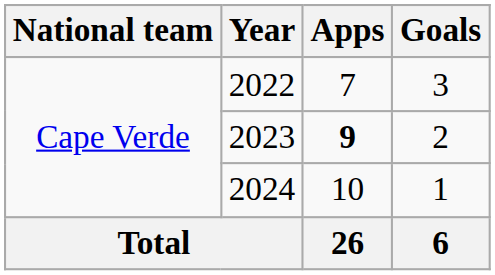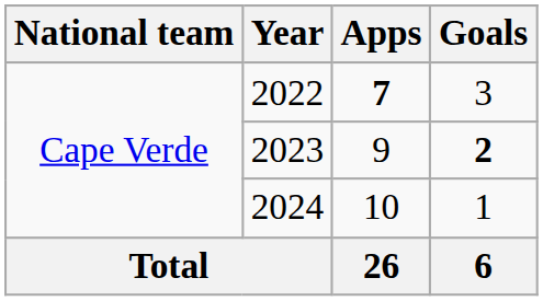 <table class=wikitable style=text-align:center>
 <tr>
 <th>National team</th>
 <th>Year</th>
 <th>Apps</th>
 <th>Goals</th>
 </tr>
 <tr>
 <td rowspan=3><a href='#'>Cape Verde</a></td>
 <td>2022</td>
-<td>7</td>
+<td><strong>7</strong></td>
 <td>3</td>
 </tr>
 <tr>
 <td>2023</td>
-<td><strong>9</strong></td>
-<td>2</td>
+<td>9</td>
+<td><strong>2</strong></td>
 </tr>
 <tr>
 <td>2024</td>
 <td>10</td>
 <td>1</td>
 </tr>
 <tr>
 <th colspan=2>Total</th>
 <th>26</th>
 <th>6</th>
 </tr>
 </table>
